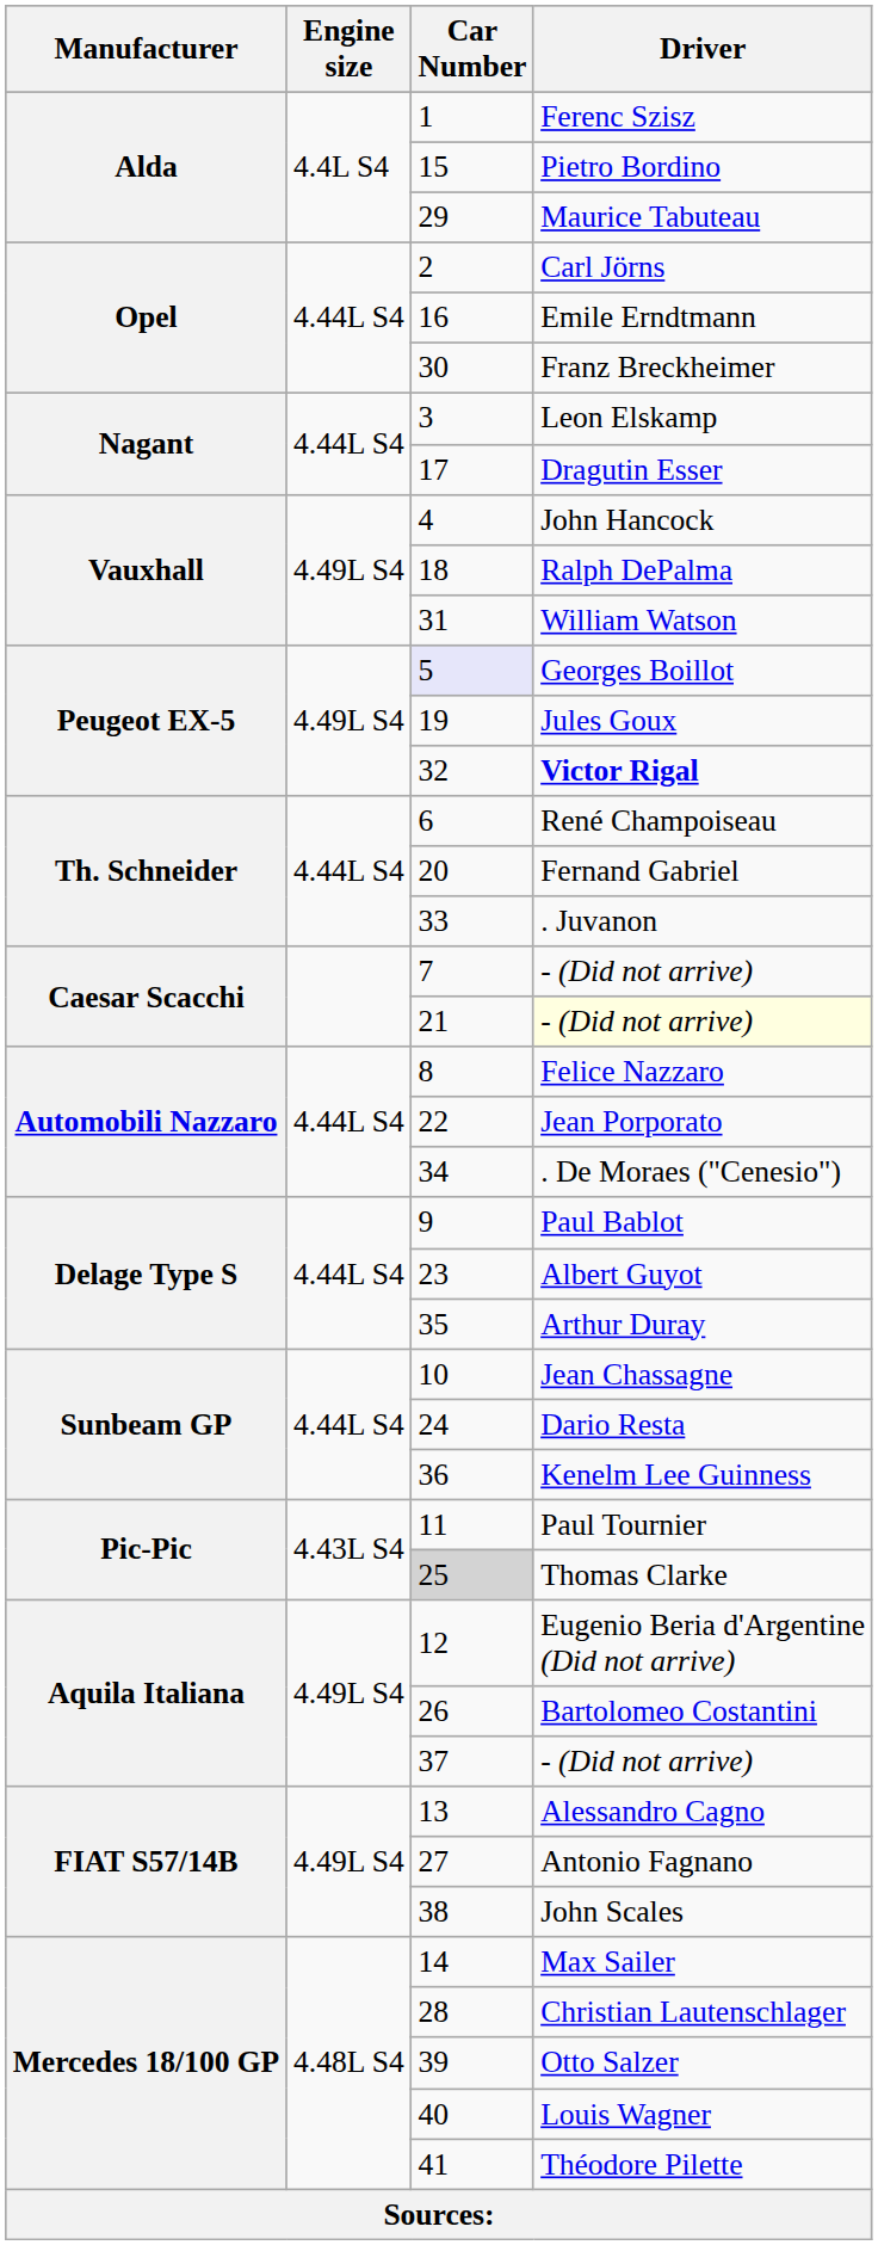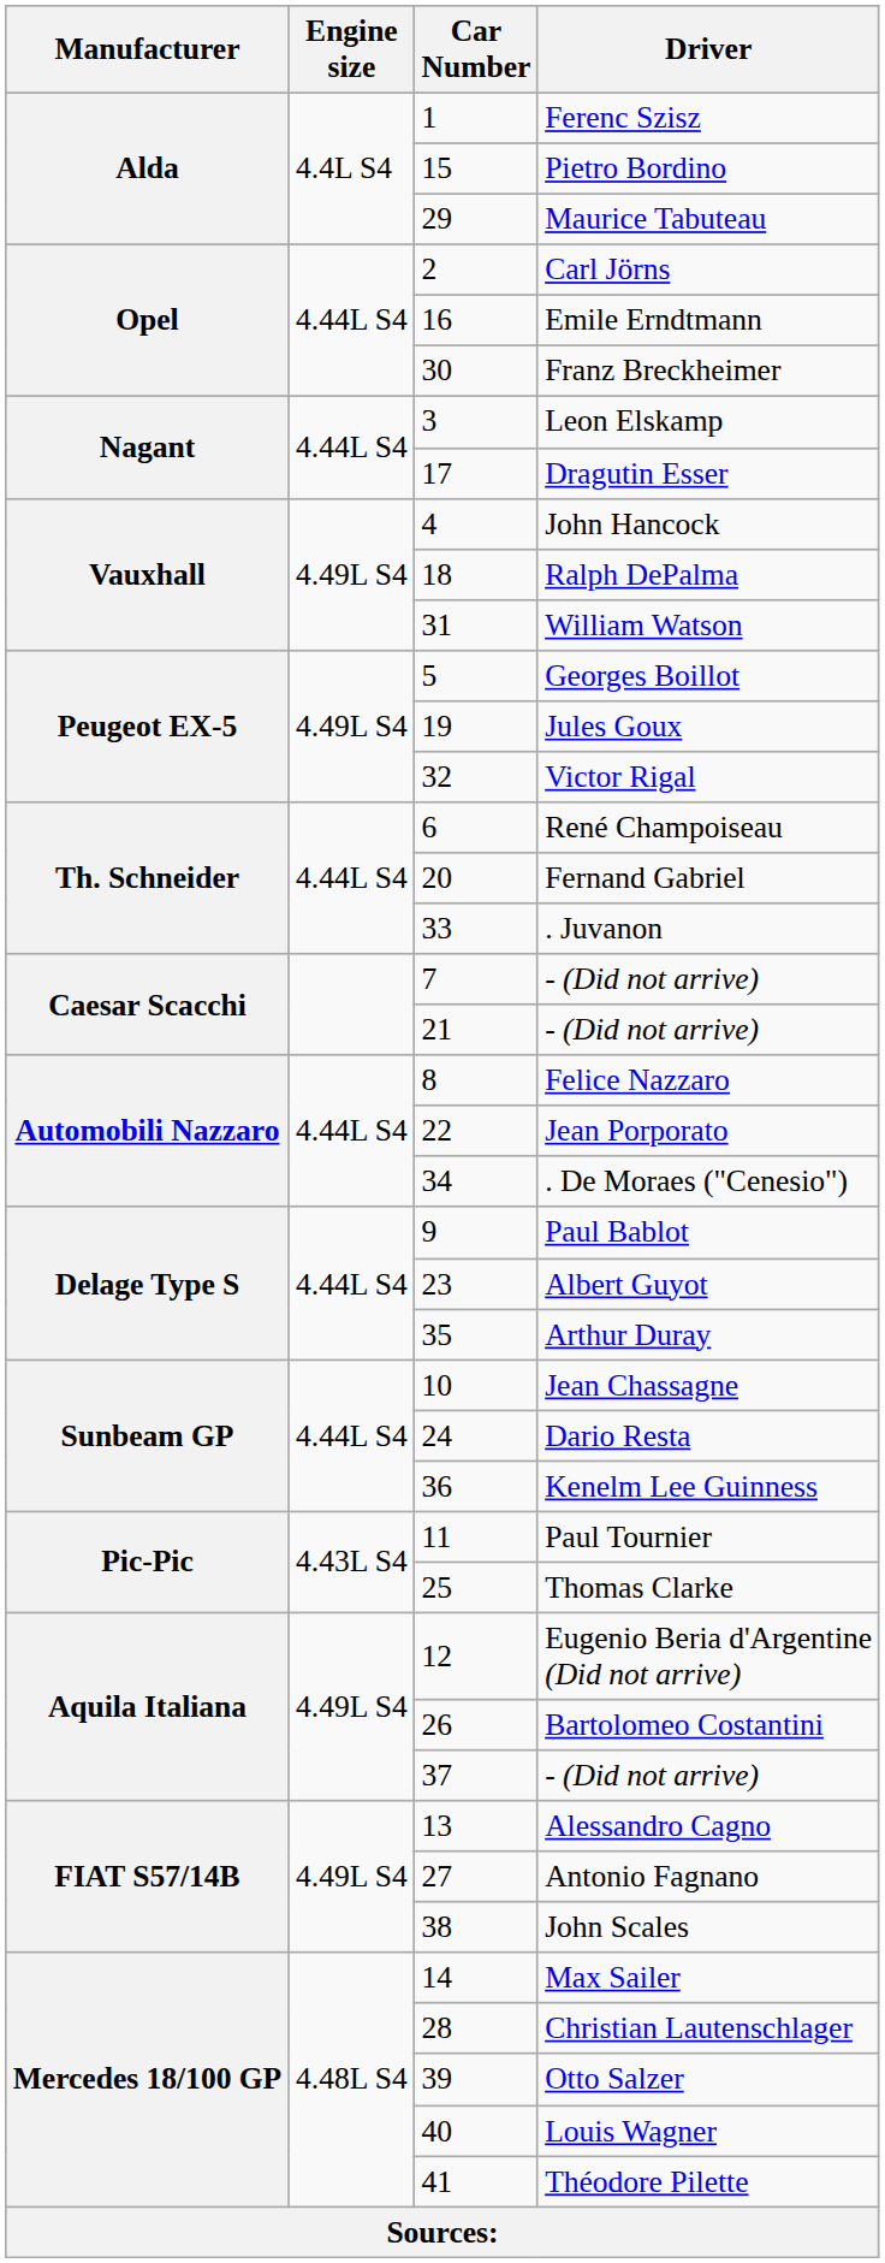 <table class="wikitable" style="font-size: 95%">
 <tr>
 <th>Manufacturer</th>
 <th>Engine<br> size</th>
 <th>Car<br>Number</th>
 <th>Driver</th>
 </tr>
 <tr>
 <th rowspan=3> Alda</th>
 <td rowspan=3>4.4L S4</td>
 <td>1</td>
 <td> <a href='#'>Ferenc Szisz</a></td>
 </tr>
 <tr>
 <td>15</td>
 <td> <a href='#'>Pietro Bordino</a></td>
 </tr>
 <tr>
 <td>29</td>
 <td> <a href='#'>Maurice Tabuteau</a></td>
 </tr>
 <tr>
 <th rowspan=3> Opel</th>
 <td rowspan=3>4.44L S4</td>
 <td>2</td>
 <td> <a href='#'>Carl Jörns</a></td>
 </tr>
 <tr>
 <td>16</td>
 <td> Emile Erndtmann</td>
 </tr>
 <tr>
 <td>30</td>
 <td> Franz Breckheimer</td>
 </tr>
 <tr>
 <th rowspan=2> Nagant</th>
 <td rowspan=2>4.44L S4</td>
 <td>3</td>
 <td> Leon Elskamp</td>
 </tr>
 <tr>
 <td>17</td>
 <td> <a href='#'>Dragutin Esser</a></td>
 </tr>
 <tr>
 <th rowspan=3> Vauxhall</th>
 <td rowspan=3>4.49L S4</td>
 <td>4</td>
 <td> John Hancock</td>
 </tr>
 <tr>
 <td>18</td>
 <td> <a href='#'>Ralph DePalma</a></td>
 </tr>
 <tr>
 <td>31</td>
 <td> <a href='#'>William Watson</a></td>
 </tr>
 <tr>
 <th rowspan=3> Peugeot EX-5</th>
 <td rowspan=3>4.49L S4</td>
-<td style="background: lavender;">5</td>
+<td>5</td>
 <td> <a href='#'>Georges Boillot</a></td>
 </tr>
 <tr>
 <td>19</td>
 <td> <a href='#'>Jules Goux</a></td>
 </tr>
 <tr>
 <td>32</td>
-<td><strong> <a href='#'>Victor Rigal</a></strong></td>
+<td> <a href='#'>Victor Rigal</a></td>
 </tr>
 <tr>
 <th rowspan=3> Th. Schneider</th>
 <td rowspan=3>4.44L S4</td>
 <td>6</td>
 <td> René Champoiseau</td>
 </tr>
 <tr>
 <td>20</td>
 <td> Fernand Gabriel</td>
 </tr>
 <tr>
 <td>33</td>
 <td> . Juvanon</td>
 </tr>
 <tr>
 <th rowspan=2> Caesar Scacchi</th>
 <td rowspan=2></td>
 <td>7</td>
 <td>- <em>(Did not arrive)</em></td>
 </tr>
 <tr>
 <td>21</td>
-<td style="background: lightyellow;">- <em>(Did not arrive)</em></td>
+<td>- <em>(Did not arrive)</em></td>
 </tr>
 <tr>
 <th rowspan=3> <a href='#'>Automobili Nazzaro</a></th>
 <td rowspan=3>4.44L S4</td>
 <td>8</td>
 <td> <a href='#'>Felice Nazzaro</a></td>
 </tr>
 <tr>
 <td>22</td>
 <td> <a href='#'>Jean Porporato</a></td>
 </tr>
 <tr>
 <td>34</td>
 <td> . De Moraes ("Cenesio")</td>
 </tr>
 <tr>
 <th rowspan=3> Delage Type S</th>
 <td rowspan=3>4.44L S4</td>
 <td>9</td>
 <td> <a href='#'>Paul Bablot</a></td>
 </tr>
 <tr>
 <td>23</td>
 <td> <a href='#'>Albert Guyot</a></td>
 </tr>
 <tr>
 <td>35</td>
 <td> <a href='#'>Arthur Duray</a></td>
 </tr>
 <tr>
 <th rowspan=3> Sunbeam GP</th>
 <td rowspan=3>4.44L S4</td>
 <td>10</td>
 <td> <a href='#'>Jean Chassagne</a></td>
 </tr>
 <tr>
 <td>24</td>
 <td> <a href='#'>Dario Resta</a></td>
 </tr>
 <tr>
 <td>36</td>
 <td> <a href='#'>Kenelm Lee Guinness</a></td>
 </tr>
 <tr>
 <th rowspan=2> Pic-Pic</th>
 <td rowspan=2>4.43L S4</td>
 <td>11</td>
 <td> Paul Tournier</td>
 </tr>
 <tr>
-<td style="background: lightgrey;">25</td>
+<td>25</td>
 <td> Thomas Clarke</td>
 </tr>
 <tr>
 <th rowspan=3> Aquila Italiana</th>
 <td rowspan=3>4.49L S4</td>
 <td>12</td>
 <td> Eugenio Beria d'Argentine<br><em>(Did not arrive)</em></td>
 </tr>
 <tr>
 <td>26</td>
 <td> <a href='#'>Bartolomeo Costantini</a></td>
 </tr>
 <tr>
 <td>37</td>
 <td>- <em>(Did not arrive)</em></td>
 </tr>
 <tr>
 <th rowspan=3> FIAT S57/14B</th>
 <td rowspan=3>4.49L S4</td>
 <td>13</td>
 <td> <a href='#'>Alessandro Cagno</a></td>
 </tr>
 <tr>
 <td>27</td>
 <td> Antonio Fagnano</td>
 </tr>
 <tr>
 <td>38</td>
 <td> John Scales</td>
 </tr>
 <tr>
 <th rowspan=5> Mercedes 18/100 GP</th>
 <td rowspan=5>4.48L S4</td>
 <td>14</td>
 <td> <a href='#'>Max Sailer</a></td>
 </tr>
 <tr>
 <td>28</td>
 <td> <a href='#'>Christian Lautenschlager</a></td>
 </tr>
 <tr>
 <td>39</td>
 <td> <a href='#'>Otto Salzer</a></td>
 </tr>
 <tr>
 <td>40</td>
 <td> <a href='#'>Louis Wagner</a></td>
 </tr>
 <tr>
 <td>41</td>
 <td> <a href='#'>Théodore Pilette</a></td>
 </tr>
 <tr>
 <th colspan="4">Sources:</th>
 </tr>
 </table>
